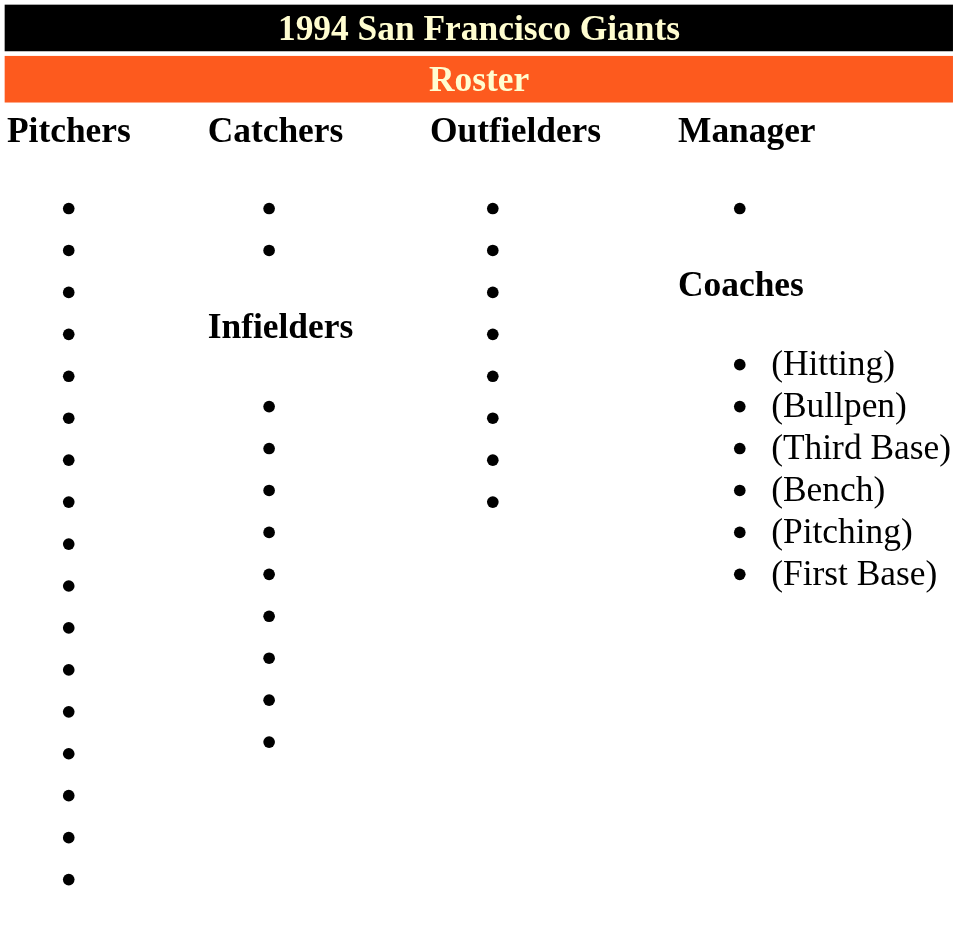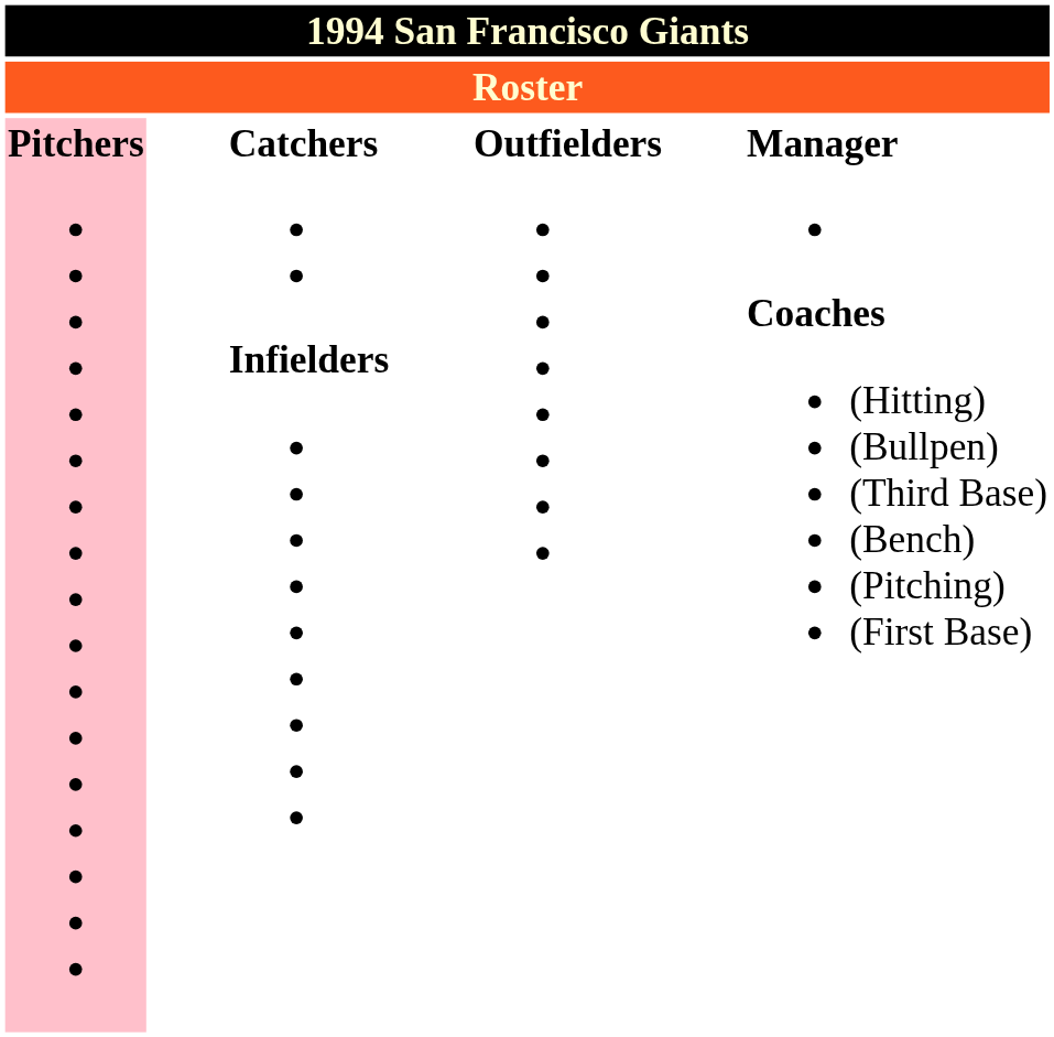 <table class="toccolours" style="font-size: 95%;">
 <tr>
 <th colspan="10" style="background-color: black; color: #FFFDD0; text-align: center;">1994 San Francisco Giants</th>
 </tr>
 <tr>
 <td colspan="10" style="background-color: #fd5a1e; color: #FFFDD0; text-align: center;"><strong>Roster</strong></td>
 </tr>
 <tr>
-<td valign="top"><strong>Pitchers</strong><br><ul><li></li><li></li><li></li><li></li><li></li><li></li><li></li><li></li><li></li><li></li><li></li><li></li><li></li><li></li><li></li><li></li><li></li></ul></td>
+<td valign="top" style="background: pink;"><strong>Pitchers</strong><br><ul><li></li><li></li><li></li><li></li><li></li><li></li><li></li><li></li><li></li><li></li><li></li><li></li><li></li><li></li><li></li><li></li><li></li></ul></td>
 <td width="25px"></td>
 <td valign="top"><strong>Catchers</strong><br><ul><li></li><li></li></ul><strong>Infielders</strong><ul><li></li><li></li><li></li><li></li><li></li><li></li><li></li><li></li><li></li></ul></td>
 <td width="25px"></td>
 <td valign="top"><strong>Outfielders</strong><br><ul><li></li><li></li><li></li><li></li><li></li><li></li><li></li><li></li></ul></td>
 <td width="25px"></td>
 <td valign="top"><strong>Manager</strong><br><ul><li></li></ul><strong>Coaches</strong><ul><li> (Hitting)</li><li> (Bullpen)</li><li> (Third Base)</li><li> (Bench)</li><li> (Pitching)</li><li> (First Base)</li></ul></td>
 </tr>
 <tr>
 </tr>
 </table>
